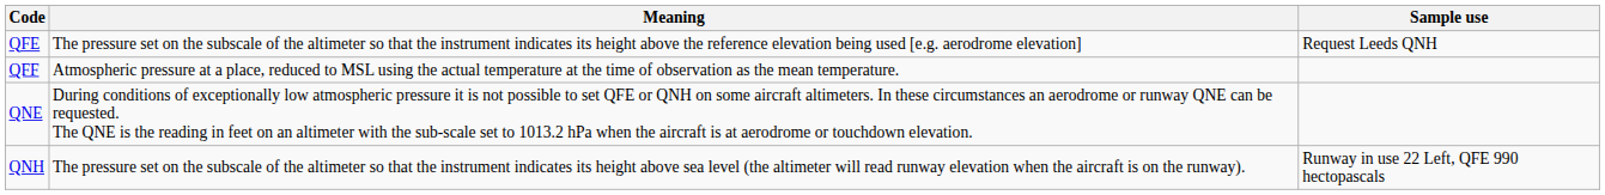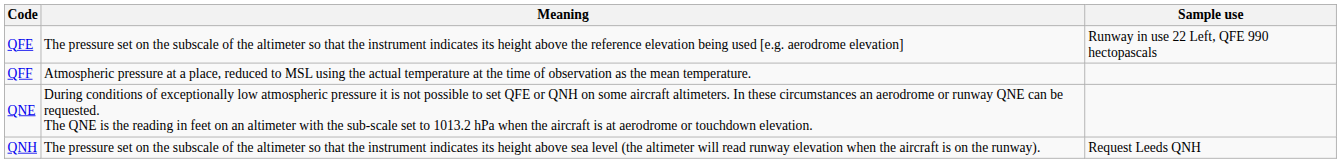 <table class="wikitable" summary="Most common Q codes used in aviation for ">
 <tr>
 <th>Code</th>
 <th>Meaning</th>
 <th>Sample use</th>
 </tr>
 <tr>
 <td><a href='#'>QFE</a></td>
 <td>The pressure set on the subscale of the altimeter so that the instrument indicates its height above the reference elevation being used [e.g. aerodrome elevation]</td>
-<td>Request Leeds QNH</td>
+<td>Runway in use 22 Left, QFE 990 hectopascals</td>
 </tr>
 <tr>
 <td><a href='#'>QFF</a></td>
 <td>Atmospheric pressure at a place, reduced to MSL using the actual temperature at the time of observation as the mean temperature.</td>
 <td></td>
 </tr>
 <tr>
 <td><a href='#'>QNE</a></td>
 <td>During conditions of exceptionally low atmospheric pressure it is not possible to set QFE or QNH on some aircraft altimeters. In these circumstances an aerodrome or runway QNE can be requested.<br>The QNE is the reading in feet on an altimeter with the sub-scale set to 1013.2 hPa when the aircraft is at aerodrome or touchdown elevation.</td>
 </tr>
 <tr>
 <td><a href='#'>QNH</a></td>
 <td>The pressure set on the subscale of the altimeter so that the instrument indicates its height above sea level (the altimeter will read runway elevation when the aircraft is on the runway).</td>
-<td>Runway in use 22 Left, QFE 990 hectopascals</td>
+<td>Request Leeds QNH</td>
 </tr>
 </table>
